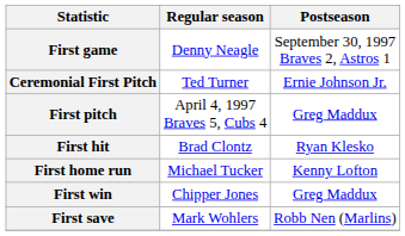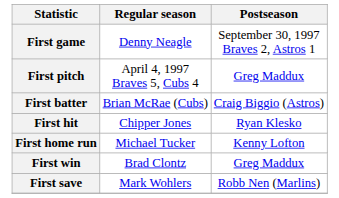 <table class="wikitable" style="text-align:center; background:#ffffff; margin:1em auto">
 <tr>
 <th scope="col">Statistic</th>
 <th scope="col">Regular season</th>
 <th scope="col">Postseason</th>
 </tr>
 <tr>
 <th>First game</th>
 <td><a href='#'>Denny Neagle</a></td>
 <td>September 30, 1997<br><a href='#'>Braves</a> 2, <a href='#'>Astros</a> 1</td>
 </tr>
 <tr>
-<th scope"row">Ceremonial First Pitch</th>
-<td><a href='#'>Ted Turner</a></td>
-<td><a href='#'>Ernie Johnson Jr.</a></td>
-</tr>
-<tr>
 <th scope"row">First pitch</th>
 <td>April 4, 1997<br><a href='#'>Braves</a> 5, <a href='#'>Cubs</a> 4</td>
 <td><a href='#'>Greg Maddux</a></td>
 </tr>
 <tr>
+<th scope"row">First batter</th>
+<td><a href='#'>Brian McRae</a> (<a href='#'>Cubs</a>)</td>
+<td><a href='#'>Craig Biggio</a> (<a href='#'>Astros</a>)</td>
+</tr>
+<tr>
 <th scope"row">First hit</th>
-<td><a href='#'>Brad Clontz</a></td>
+<td><a href='#'>Chipper Jones</a></td>
 <td><a href='#'>Ryan Klesko</a></td>
 </tr>
 <tr>
 <th scope"row">First home run</th>
 <td><a href='#'>Michael Tucker</a></td>
 <td><a href='#'>Kenny Lofton</a></td>
 </tr>
 <tr>
 <th scope"row">First win</th>
-<td><a href='#'>Chipper Jones</a></td>
+<td><a href='#'>Brad Clontz</a></td>
 <td><a href='#'>Greg Maddux</a></td>
 </tr>
 <tr>
 <th scope"row">First save</th>
 <td><a href='#'>Mark Wohlers</a></td>
 <td><a href='#'>Robb Nen</a> (<a href='#'>Marlins</a>)</td>
 </tr>
 <tr>
 </tr>
 </table>
